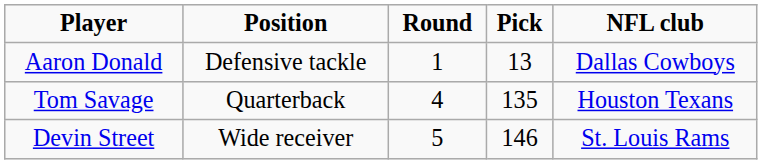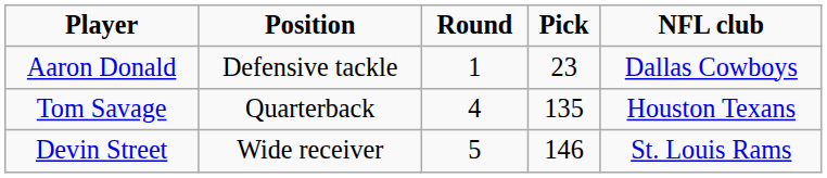 <table class="wikitable" style="width:80%;">
 <tr style="text-align:center; ">
 <td><strong>Player</strong></td>
 <td><strong>Position</strong></td>
 <td><strong>Round</strong></td>
 <td><strong>Pick</strong></td>
 <td><strong>NFL club</strong></td>
 </tr>
 <tr align="center" bgcolor="">
 <td><a href='#'>Aaron Donald</a></td>
 <td>Defensive tackle</td>
 <td>1</td>
-<td>13</td>
+<td>23</td>
 <td><a href='#'>Dallas Cowboys</a></td>
 </tr>
 <tr align="center" bgcolor="">
 <td><a href='#'>Tom Savage</a></td>
 <td>Quarterback</td>
 <td>4</td>
 <td>135</td>
 <td><a href='#'>Houston Texans</a></td>
 </tr>
 <tr align="center" bgcolor="">
 <td><a href='#'>Devin Street</a></td>
 <td>Wide receiver</td>
 <td>5</td>
 <td>146</td>
 <td><a href='#'>St. Louis Rams</a></td>
 </tr>
 </table>
